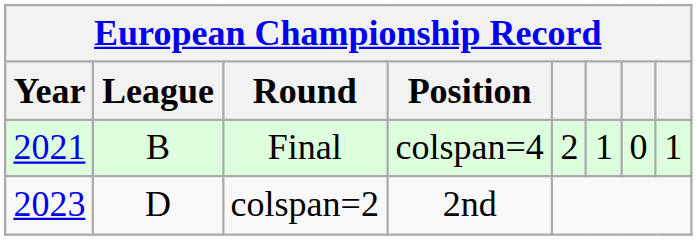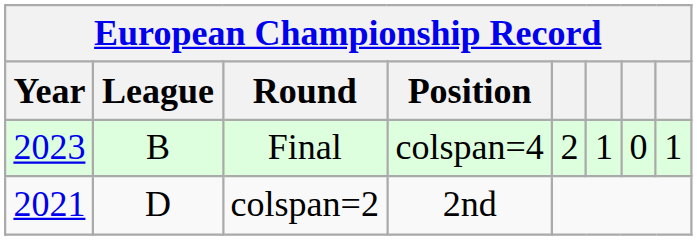 <table class="wikitable" style="text-align: center;">
 <tr>
 <th colspan="8"><a href='#'>European Championship Record</a></th>
 </tr>
 <tr>
 <th>Year</th>
 <th>League</th>
 <th>Round</th>
 <th>Position</th>
 <th></th>
 <th></th>
 <th></th>
 <th></th>
 </tr>
 <tr style="background:#ddffdd;">
-<td><a href='#'>2021</a></td>
+<td><a href='#'>2023</a></td>
 <td>B</td>
 <td>Final</td>
 <td>colspan=4</td>
 <td>2</td>
 <td>1</td>
 <td>0</td>
 <td>1</td>
 </tr>
 <tr>
-<td><a href='#'>2023</a></td>
+<td><a href='#'>2021</a></td>
 <td>D</td>
 <td>colspan=2</td>
 <td>2nd</td>
 </tr>
 </table>
